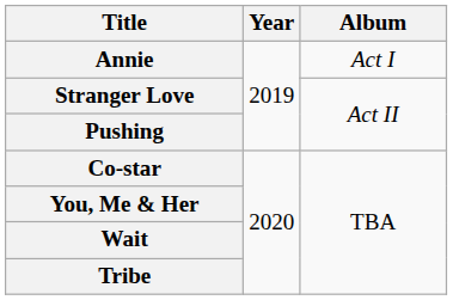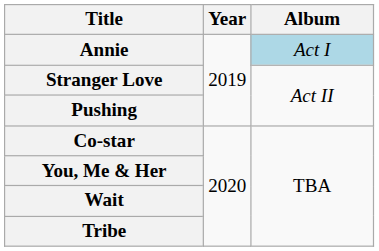 <table class="wikitable plainrowheaders" style="text-align:center;">
 <tr>
 <th scope="col" style="width:10em;">Title</th>
 <th>Year</th>
 <th scope="col" style="width:6em;">Album</th>
 </tr>
 <tr>
 <th scope="row">Annie</th>
 <td rowspan="3">2019</td>
-<td><em>Act I</em></td>
+<td style="background: lightblue;"><em>Act I</em></td>
 </tr>
 <tr>
 <th scope="row">Stranger Love</th>
 <td rowspan="2"><em>Act II</em></td>
 </tr>
 <tr>
 <th scope="row">Pushing</th>
 </tr>
 <tr>
 <th scope="row">Co-star</th>
 <td rowspan="4">2020</td>
 <td rowspan="4">TBA</td>
 </tr>
 <tr>
 <th scope="row">You, Me & Her</th>
 </tr>
 <tr>
 <th scope="row">Wait</th>
 </tr>
 <tr>
 <th scope="row">Tribe</th>
 </tr>
 </table>
